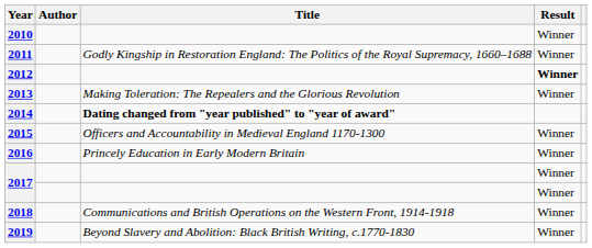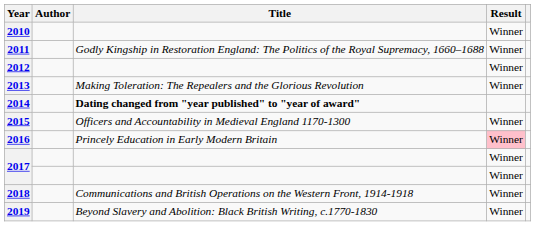 <table class="wikitable sortable mw-collapsible">
 <tr>
 <th scope=col>Year</th>
 <th scope=col>Author</th>
 <th scope=col>Title</th>
 <th scope=col>Result</th>
 <th scope=col class="unsortable"></th>
 </tr>
 <tr>
 <th scope="row"><a href='#'>2010</a></th>
 <td></td>
 <td><em></em></td>
 <td>Winner</td>
 <td></td>
 </tr>
 <tr>
 <th scope="row"><a href='#'>2011</a></th>
 <td></td>
 <td><em>Godly Kingship in Restoration England: The Politics of the Royal Supremacy, 1660–1688 </em></td>
 <td>Winner</td>
 <td></td>
 </tr>
 <tr>
 <th scope="row"><a href='#'>2012</a></th>
 <td></td>
 <td><em></em></td>
-<td><strong>Winner</strong></td>
+<td>Winner</td>
 <td></td>
 </tr>
 <tr>
 <th scope="row"><a href='#'>2013</a></th>
 <td></td>
 <td><em>Making Toleration: The Repealers and the Glorious Revolution</em></td>
 <td>Winner</td>
 <td></td>
 </tr>
 <tr>
 <th scope="row"><a href='#'>2014</a></th>
 <td></td>
 <td><strong>Dating changed from "year published" to "year of award"</strong></td>
 <td></td>
 <td></td>
 </tr>
 <tr>
 <th scope="row"><a href='#'>2015</a></th>
 <td></td>
 <td><em>Officers and Accountability in Medieval England 1170-1300</em></td>
 <td>Winner</td>
 <td></td>
 </tr>
 <tr>
 <th scope="row"><a href='#'>2016</a></th>
 <td></td>
 <td><em>Princely Education in Early Modern Britain</em></td>
-<td>Winner</td>
+<td style="background: pink;">Winner</td>
 <td></td>
 </tr>
 <tr>
 <th scope=rowgroup rowspan="2"><a href='#'>2017</a></th>
 <td></td>
 <td><em></em></td>
 <td>Winner</td>
 <td></td>
 </tr>
 <tr>
 <td></td>
 <td><em></em></td>
 <td>Winner</td>
 <td></td>
 </tr>
 <tr>
 <th scope="row"><a href='#'>2018</a></th>
 <td></td>
 <td><em>Communications and British Operations on the Western Front, 1914-1918</em></td>
 <td>Winner</td>
 <td></td>
 </tr>
 <tr>
 <th scope="row"><a href='#'>2019</a></th>
 <td></td>
 <td><em>Beyond Slavery and Abolition: Black British Writing, c.1770-1830</em></td>
 <td>Winner</td>
 <td></td>
 </tr>
 </table>
